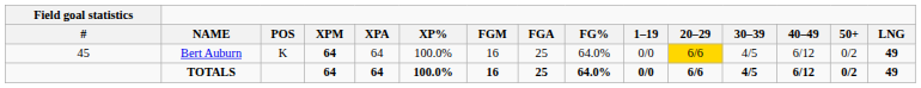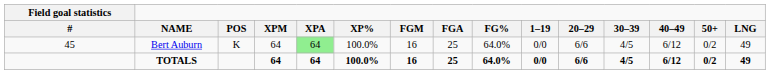 <table style="width:60%; text-align:center;" class="wikitable collapsible collapsed">
 <tr>
 <th style="text-align:center; ">Field goal statistics</th>
 </tr>
 <tr>
 <th>#</th>
 <th>NAME</th>
 <th>POS</th>
 <th>XPM</th>
 <th>XPA</th>
 <th>XP%</th>
 <th>FGM</th>
 <th>FGA</th>
 <th>FG%</th>
 <th>1–19</th>
 <th>20–29</th>
 <th>30–39</th>
 <th>40–49</th>
 <th>50+</th>
 <th>LNG</th>
 </tr>
 <tr style="text-align:center">
 <td>45</td>
 <td><a href='#'>Bert Auburn</a></td>
 <td>K</td>
-<td><strong>64</strong></td>
 <td>64</td>
+<td style="background: lightgreen;">64</td>
 <td>100.0%</td>
 <td>16</td>
 <td>25</td>
 <td>64.0%</td>
 <td>0/0</td>
-<td style="background: gold;">6/6</td>
+<td>6/6</td>
 <td>4/5</td>
 <td>6/12</td>
 <td>0/2</td>
-<td><strong>49</strong></td>
+<td>49</td>
 </tr>
 <tr style="text-align:center">
 <td></td>
 <td><strong>TOTALS</strong></td>
 <td></td>
 <td><strong>64</strong></td>
 <td><strong>64</strong></td>
 <td><strong>100.0%</strong></td>
 <td><strong>16</strong></td>
 <td><strong>25</strong></td>
 <td><strong>64.0%</strong></td>
 <td><strong>0/0</strong></td>
 <td><strong>6/6</strong></td>
 <td><strong>4/5</strong></td>
 <td><strong>6/12</strong></td>
 <td><strong>0/2</strong></td>
 <td><strong>49</strong></td>
 </tr>
 </table>
